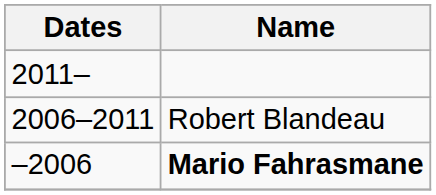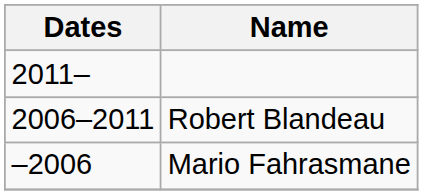 <table class="wikitable">
 <tr>
 <th>Dates</th>
 <th>Name</th>
 </tr>
 <tr>
 <td>2011–</td>
 <td></td>
 </tr>
 <tr>
 <td>2006–2011</td>
 <td> Robert Blandeau</td>
 </tr>
 <tr>
 <td>–2006</td>
-<td><strong> Mario Fahrasmane</strong></td>
+<td> Mario Fahrasmane</td>
 </tr>
 <tr>
 </tr>
 </table>
